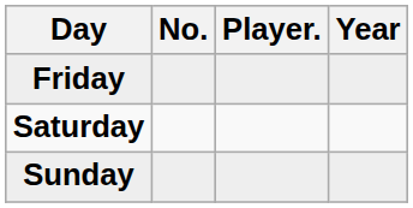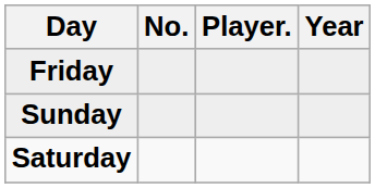 <table class="wikitable non-sortable">
 <tr>
 <th style="text-align:center; ">Day</th>
 <th style="text-align:center; ">No.</th>
 <th style="text-align:center; ">Player.</th>
 <th style="text-align:center; ">Year</th>
 </tr>
 <tr style="background:#eeeeee;text-align:center;">
 <td><strong>Friday</strong></td>
 <td></td>
 <td></td>
 <td></td>
 </tr>
+<tr style="background:#eeeeee;text-align:center;">
+<td><strong>Sunday</strong></td>
+<td></td>
+<td></td>
+<td></td>
+</tr>
 <tr style="text-align:center;">
 <td><strong>Saturday</strong></td>
 <td></td>
 <td></td>
 <td></td>
 </tr>
-<tr style="background:#eeeeee;text-align:center;">
-<td><strong>Sunday</strong></td>
-<td></td>
-<td></td>
-<td></td>
-</tr>
 </table>
